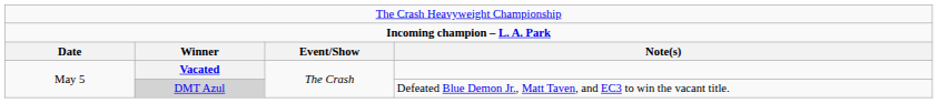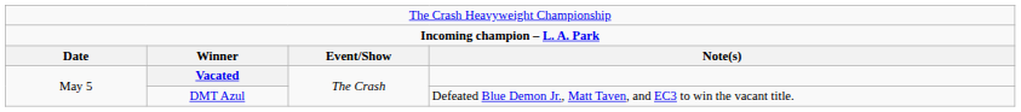 <table class="wikitable" style="text-align:center; width:100%;">
 <tr>
 <td colspan="5" style="text-align: center;"><a href='#'>The Crash Heavyweight Championship</a></td>
 </tr>
 <tr>
 <td colspan="5" style="text-align: center;"><strong>Incoming champion – <a href='#'>L. A. Park</a></strong></td>
 </tr>
 <tr>
 <th width=14%>Date</th>
 <th width=14%>Winner</th>
 <th width=14%>Event/Show</th>
 <th width=58%>Note(s)</th>
 </tr>
 <tr>
 <td rowspan=2>May 5</td>
 <th><a href='#'>Vacated</a></th>
 <td rowspan=2><em>The Crash</em></td>
 <td></td>
 </tr>
 <tr>
-<td style="background: lightgrey;"><a href='#'>DMT Azul</a></td>
+<td><a href='#'>DMT Azul</a></td>
 <td align=left>Defeated <a href='#'>Blue Demon Jr.</a>, <a href='#'>Matt Taven</a>, and <a href='#'>EC3</a> to win the vacant title.</td>
 </tr>
 </table>
